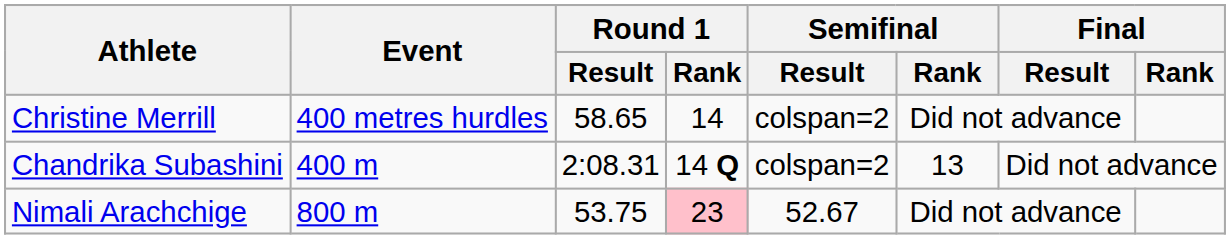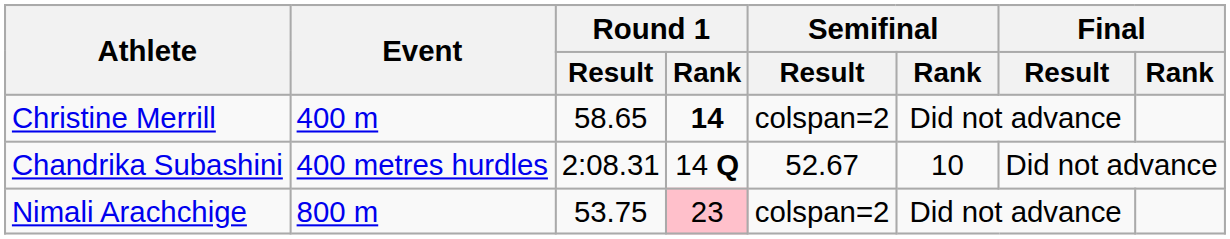 <table class=wikitable style="font-size:90%">
 <tr>
 <th rowspan="2">Athlete</th>
 <th rowspan="2">Event</th>
 <th colspan="2">Round 1</th>
 <th colspan="2">Semifinal</th>
 <th colspan="2">Final</th>
 </tr>
 <tr style="font-size:95%">
 <th>Result</th>
 <th>Rank</th>
 <th>Result</th>
 <th>Rank</th>
 <th>Result</th>
 <th>Rank</th>
 </tr>
 <tr align=center>
 <td align=left><a href='#'>Christine Merrill</a></td>
-<td align=left><a href='#'>400 metres hurdles</a></td>
+<td align=left><a href='#'>400 m</a></td>
 <td>58.65</td>
-<td>14</td>
+<td><strong>14</strong></td>
 <td>colspan=2 </td>
 <td colspan="2">Did not advance</td>
 </tr>
 <tr align=center>
 <td align=left><a href='#'>Chandrika Subashini</a></td>
-<td align=left><a href='#'>400 m</a></td>
+<td align=left><a href='#'>400 metres hurdles</a></td>
 <td>2:08.31</td>
 <td>14 <strong>Q</strong></td>
-<td>colspan=2 </td>
-<td>13</td>
+<td>52.67</td>
+<td>10</td>
 <td colspan="2">Did not advance</td>
 </tr>
 <tr align=center>
 <td align=left><a href='#'>Nimali Arachchige</a></td>
 <td align=left><a href='#'>800 m</a></td>
 <td>53.75</td>
 <td style="background: pink;">23</td>
-<td>52.67</td>
+<td>colspan=2 </td>
 <td colspan="2">Did not advance</td>
 </tr>
 </table>
